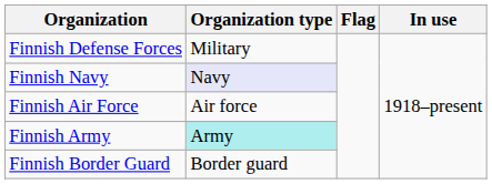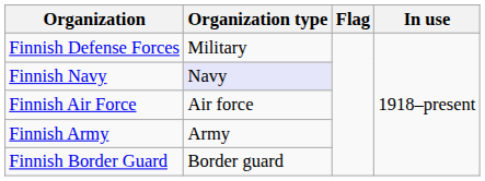 <table class="wikitable">
 <tr>
 <th>Organization</th>
 <th>Organization type</th>
 <th>Flag</th>
 <th>In use</th>
 </tr>
 <tr>
 <td><a href='#'>Finnish Defense Forces</a></td>
 <td>Military</td>
 <td rowspan="5"></td>
 <td rowspan="5">1918–present</td>
 </tr>
 <tr>
 <td><a href='#'>Finnish Navy</a></td>
 <td style="background: lavender;">Navy</td>
 </tr>
 <tr>
 <td><a href='#'>Finnish Air Force</a></td>
 <td>Air force</td>
 </tr>
 <tr>
 <td><a href='#'>Finnish Army</a></td>
-<td style="background: paleturquoise;">Army</td>
+<td>Army</td>
 </tr>
 <tr>
 <td><a href='#'>Finnish Border Guard</a></td>
 <td>Border guard</td>
 </tr>
 </table>
